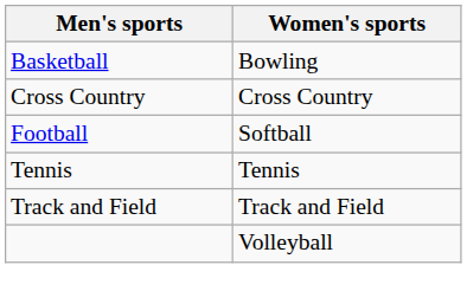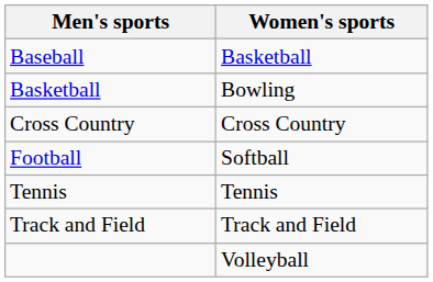 <table class="wikitable"; style= "text-align: ">
 <tr>
 <th width=150px>Men's sports</th>
 <th width=150px>Women's sports</th>
+</tr>
+<tr>
+<td><a href='#'>Baseball</a></td>
+<td><a href='#'>Basketball</a></td>
 </tr>
 <tr>
 <td><a href='#'>Basketball</a></td>
 <td>Bowling</td>
 </tr>
 <tr>
 <td>Cross Country</td>
 <td>Cross Country</td>
 </tr>
 <tr>
 <td><a href='#'>Football</a></td>
 <td>Softball</td>
 </tr>
 <tr>
 <td>Tennis</td>
 <td>Tennis</td>
 </tr>
 <tr>
 <td>Track and Field</td>
 <td>Track and Field</td>
 </tr>
 <tr>
 <td></td>
 <td>Volleyball</td>
 </tr>
 </table>
